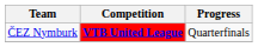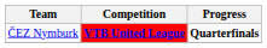 <table class="wikitable sortable">
 <tr>
 <th>Team</th>
 <th>Competition</th>
 <th>Progress</th>
 </tr>
 <tr>
 <td><a href='#'>ČEZ Nymburk</a></td>
 <td rowspan="1" style="background-color:red;color:white;text-align:center"><strong><span><a href='#'>VTB United League</a></span></strong></td>
-<td>Quarterfinals</td>
+<td><strong>Quarterfinals</strong></td>
 </tr>
 <tr>
 </tr>
 </table>
